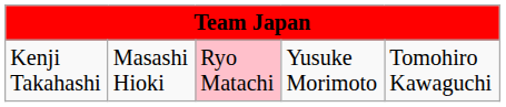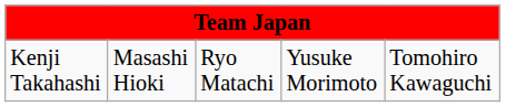 <table class="wikitable" style="width:40%; text-align=center;">
 <tr>
 <th colspan="5" style="background:red;">Team Japan</th>
 </tr>
 <tr>
 <td style="width:10%;">Kenji Takahashi</td>
 <td style="width:10%;">Masashi Hioki</td>
-<td style="background: pink; width:10%;">Ryo Matachi</td>
+<td style="width:10%;">Ryo Matachi</td>
 <td style="width:10%;">Yusuke Morimoto</td>
 <td style="width:11%;">Tomohiro Kawaguchi</td>
 </tr>
 </table>
